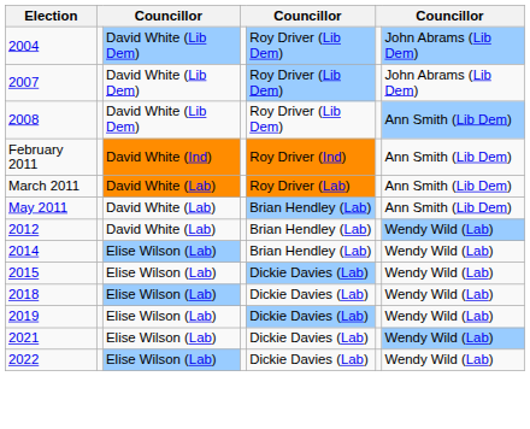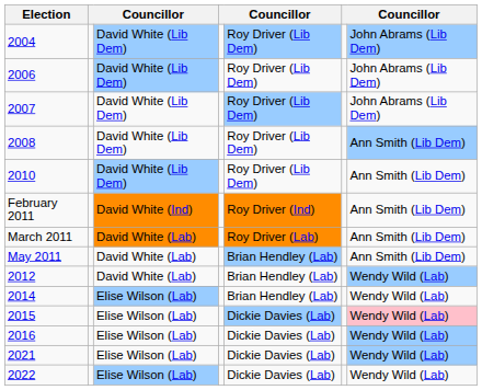 <table class="wikitable">
 <tr>
 <th>Election</th>
 <th colspan="2">Councillor</th>
 <th colspan="2">Councillor</th>
 <th colspan="2">Councillor</th>
 </tr>
 <tr>
 <td><a href='#'>2004</a></td>
 <td style="background-color: "></td>
 <td bgcolor="#99CCFF">David White (<a href='#'>Lib Dem</a>)</td>
 <td style="background-color: "></td>
 <td bgcolor="#99CCFF">Roy Driver (<a href='#'>Lib Dem</a>)</td>
 <td style="background-color: "></td>
 <td bgcolor="#99CCFF">John Abrams (<a href='#'>Lib Dem</a>)</td>
+</tr>
+<tr>
+<td><a href='#'>2006</a></td>
+<td style="background-color: "></td>
+<td bgcolor="#99CCFF">David White (<a href='#'>Lib Dem</a>)</td>
+<td style="background-color: "></td>
+<td>Roy Driver (<a href='#'>Lib Dem</a>)</td>
+<td style="background-color: "></td>
+<td>John Abrams (<a href='#'>Lib Dem</a>)</td>
 </tr>
 <tr>
 <td><a href='#'>2007</a></td>
 <td style="background-color: "></td>
 <td>David White (<a href='#'>Lib Dem</a>)</td>
 <td style="background-color: "></td>
 <td bgcolor="#99CCFF">Roy Driver (<a href='#'>Lib Dem</a>)</td>
 <td style="background-color: "></td>
 <td>John Abrams (<a href='#'>Lib Dem</a>)</td>
 </tr>
 <tr>
 <td><a href='#'>2008</a></td>
 <td style="background-color: "></td>
 <td>David White (<a href='#'>Lib Dem</a>)</td>
 <td style="background-color: "></td>
 <td>Roy Driver (<a href='#'>Lib Dem</a>)</td>
 <td style="background-color: "></td>
 <td bgcolor="#99CCFF">Ann Smith (<a href='#'>Lib Dem</a>)</td>
+</tr>
+<tr>
+<td><a href='#'>2010</a></td>
+<td style="background-color: "></td>
+<td bgcolor="#99CCFF">David White (<a href='#'>Lib Dem</a>)</td>
+<td style="background-color: "></td>
+<td>Roy Driver (<a href='#'>Lib Dem</a>)</td>
+<td style="background-color: "></td>
+<td>Ann Smith (<a href='#'>Lib Dem</a>)</td>
 </tr>
 <tr>
 <td>February 2011</td>
 <td style="background-color: "></td>
 <td bgcolor="#FF8C00">David White (<a href='#'>Ind</a>)</td>
 <td style="background-color: "></td>
 <td bgcolor="#FF8C00">Roy Driver (<a href='#'>Ind</a>)</td>
 <td style="background-color: "></td>
 <td>Ann Smith (<a href='#'>Lib Dem</a>)</td>
 </tr>
 <tr>
 <td>March 2011</td>
 <td style="background-color: "></td>
 <td bgcolor="#FF8C00">David White (<a href='#'>Lab</a>)</td>
 <td style="background-color: "></td>
 <td bgcolor="#FF8C00">Roy Driver (<a href='#'>Lab</a>)</td>
 <td style="background-color: "></td>
 <td>Ann Smith (<a href='#'>Lib Dem</a>)</td>
 </tr>
 <tr>
 <td><a href='#'>May 2011</a></td>
 <td style="background-color: "></td>
 <td>David White (<a href='#'>Lab</a>)</td>
 <td style="background-color: "></td>
 <td bgcolor="#99CCFF">Brian Hendley (<a href='#'>Lab</a>)</td>
 <td style="background-color: "></td>
 <td>Ann Smith (<a href='#'>Lib Dem</a>)</td>
 </tr>
 <tr>
 <td><a href='#'>2012</a></td>
 <td style="background-color: "></td>
 <td>David White (<a href='#'>Lab</a>)</td>
 <td style="background-color: "></td>
 <td>Brian Hendley (<a href='#'>Lab</a>)</td>
 <td style="background-color: "></td>
 <td bgcolor="#99CCFF">Wendy Wild (<a href='#'>Lab</a>)</td>
 </tr>
 <tr>
 <td><a href='#'>2014</a></td>
 <td style="background-color: "></td>
 <td bgcolor="#99CCFF">Elise Wilson (<a href='#'>Lab</a>)</td>
 <td style="background-color: "></td>
 <td>Brian Hendley (<a href='#'>Lab</a>)</td>
 <td style="background-color: "></td>
 <td>Wendy Wild (<a href='#'>Lab</a>)</td>
 </tr>
 <tr>
 <td><a href='#'>2015</a></td>
 <td style="background-color: "></td>
 <td>Elise Wilson (<a href='#'>Lab</a>)</td>
 <td style="background-color: "></td>
 <td bgcolor="#99CCFF">Dickie Davies (<a href='#'>Lab</a>)</td>
 <td style="background-color: "></td>
-<td>Wendy Wild (<a href='#'>Lab</a>)</td>
+<td style="background: pink;">Wendy Wild (<a href='#'>Lab</a>)</td>
 </tr>
 <tr>
-<td><a href='#'>2018</a></td>
+<td><a href='#'>2016</a></td>
 <td style="background-color: "></td>
-<td bgcolor="#99CCFF">Elise Wilson (<a href='#'>Lab</a>)</td>
+<td>Elise Wilson (<a href='#'>Lab</a>)</td>
 <td style="background-color: "></td>
 <td>Dickie Davies (<a href='#'>Lab</a>)</td>
 <td style="background-color: "></td>
-<td>Wendy Wild (<a href='#'>Lab</a>)</td>
-</tr>
-<tr>
-<td><a href='#'>2019</a></td>
-<td style="background-color: "></td>
-<td>Elise Wilson (<a href='#'>Lab</a>)</td>
-<td style="background-color: "></td>
-<td bgcolor="#99CCFF">Dickie Davies (<a href='#'>Lab</a>)</td>
-<td style="background-color: "></td>
-<td>Wendy Wild (<a href='#'>Lab</a>)</td>
+<td bgcolor="#99CCFF">Wendy Wild (<a href='#'>Lab</a>)</td>
 </tr>
 <tr>
 <td><a href='#'>2021</a></td>
 <td style="background-color: "></td>
 <td>Elise Wilson (<a href='#'>Lab</a>)</td>
 <td style="background-color: "></td>
 <td>Dickie Davies (<a href='#'>Lab</a>)</td>
 <td style="background-color: "></td>
 <td bgcolor="#99CCFF">Wendy Wild (<a href='#'>Lab</a>)</td>
 </tr>
 <tr>
 <td><a href='#'>2022</a></td>
 <td style="background-color: "></td>
 <td bgcolor="#99CCFF">Elise Wilson (<a href='#'>Lab</a>)</td>
 <td style="background-color: "></td>
 <td>Dickie Davies (<a href='#'>Lab</a>)</td>
 <td style="background-color: "></td>
 <td>Wendy Wild (<a href='#'>Lab</a>)</td>
 </tr>
 </table>
